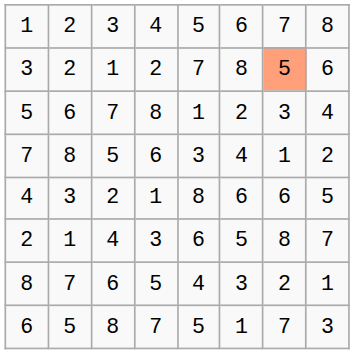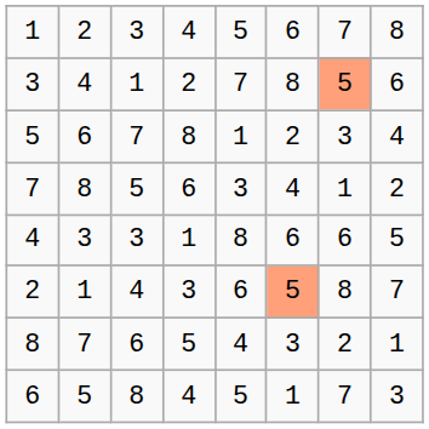 <table class="wikitable" style="margin-left:auto;margin-right:auto;text-align:center;width:16em;height:16em;table-layout:fixed;">
 <tr>
 <td>1</td>
 <td>2</td>
 <td>3</td>
 <td>4</td>
 <td>5</td>
 <td>6</td>
 <td>7</td>
 <td>8</td>
 </tr>
 <tr>
 <td>3</td>
-<td>2</td>
+<td>4</td>
 <td>1</td>
 <td>2</td>
 <td>7</td>
 <td>8</td>
 <td style="background: lightsalmon;">5</td>
 <td>6</td>
 </tr>
 <tr>
 <td>5</td>
 <td>6</td>
 <td>7</td>
 <td>8</td>
 <td>1</td>
 <td>2</td>
 <td>3</td>
 <td>4</td>
 </tr>
 <tr>
 <td>7</td>
 <td>8</td>
 <td>5</td>
 <td>6</td>
 <td>3</td>
 <td>4</td>
 <td>1</td>
 <td>2</td>
 </tr>
 <tr>
 <td>4</td>
 <td>3</td>
-<td>2</td>
+<td>3</td>
 <td>1</td>
 <td>8</td>
 <td>6</td>
 <td>6</td>
 <td>5</td>
 </tr>
 <tr>
 <td>2</td>
 <td>1</td>
 <td>4</td>
 <td>3</td>
 <td>6</td>
-<td>5</td>
+<td style="background: lightsalmon;">5</td>
 <td>8</td>
 <td>7</td>
 </tr>
 <tr>
 <td>8</td>
 <td>7</td>
 <td>6</td>
 <td>5</td>
 <td>4</td>
 <td>3</td>
 <td>2</td>
 <td>1</td>
 </tr>
 <tr>
 <td>6</td>
 <td>5</td>
 <td>8</td>
-<td>7</td>
+<td>4</td>
 <td>5</td>
 <td>1</td>
 <td>7</td>
 <td>3</td>
 </tr>
 </table>
